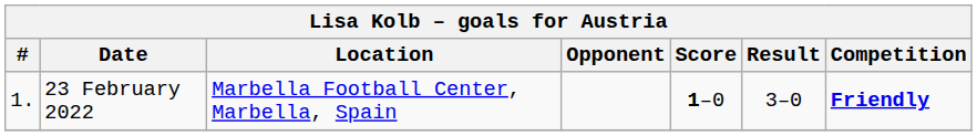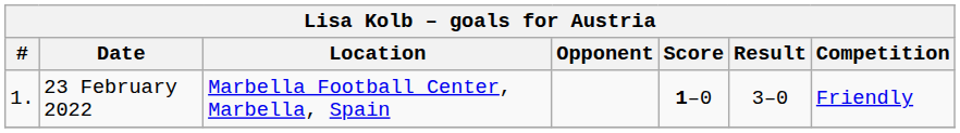 <table class="wikitable">
 <tr>
 <th colspan="7">Lisa Kolb – goals for Austria</th>
 </tr>
 <tr>
 <th>#</th>
 <th>Date</th>
 <th>Location</th>
 <th>Opponent</th>
 <th>Score</th>
 <th>Result</th>
 <th>Competition</th>
 </tr>
 <tr>
 <td align=center>1.</td>
 <td>23 February 2022</td>
 <td><a href='#'>Marbella Football Center</a>, <a href='#'>Marbella</a>, <a href='#'>Spain</a></td>
 <td></td>
 <td align=center><strong>1</strong>–0</td>
 <td align=center>3–0</td>
-<td><strong><a href='#'>Friendly</a></strong></td>
+<td><a href='#'>Friendly</a></td>
 </tr>
 <tr>
 </tr>
 </table>
